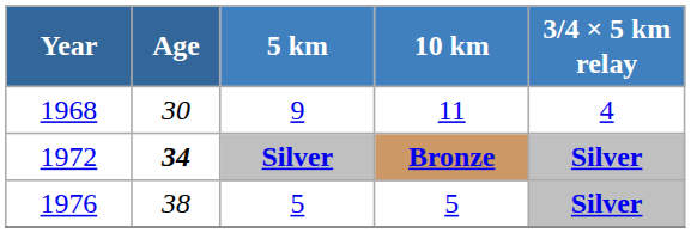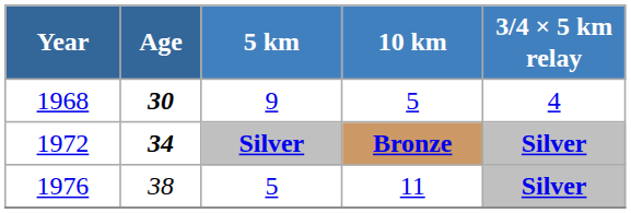 <table class="wikitable" style="font-size:95%; text-align:center; border:grey solid 1px; border-collapse:collapse; background:#ffffff;">
 <tr>
 <th style="background-color:#369; color:white; width:60px;"> Year </th>
 <th style="background-color:#369; color:white; width:40px;"> Age </th>
 <th style="background-color:#4180be; color:white; width:75px;"> 5 km </th>
 <th style="background-color:#4180be; color:white; width:75px;"> 10 km </th>
 <th style="background-color:#4180be; color:white; width:75px;"> 3/4 × 5 km <br> relay </th>
 </tr>
 <tr>
 <td><a href='#'>1968</a></td>
-<td><em>30</em></td>
+<td><strong><em>30</em></strong></td>
 <td><a href='#'>9</a></td>
-<td><a href='#'>11</a></td>
+<td><a href='#'>5</a></td>
 <td><a href='#'>4</a></td>
 </tr>
 <tr>
 <td><a href='#'>1972</a></td>
 <td><strong><em>34</em></strong></td>
 <td style="background:silver;"><a href='#'><strong>Silver</strong></a></td>
 <td bgcolor="cc9966"><a href='#'><strong>Bronze</strong></a></td>
 <td style="background:silver;"><a href='#'><strong>Silver</strong></a></td>
 </tr>
 <tr>
 <td><a href='#'>1976</a></td>
 <td><em>38</em></td>
 <td><a href='#'>5</a></td>
-<td><a href='#'>5</a></td>
+<td><a href='#'>11</a></td>
 <td style="background:silver;"><a href='#'><strong>Silver</strong></a></td>
 </tr>
 <tr>
 </tr>
 </table>
